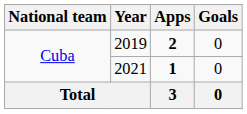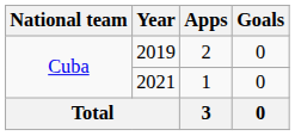 <table class="wikitable" style="text-align:center">
 <tr>
 <th>National team</th>
 <th>Year</th>
 <th>Apps</th>
 <th>Goals</th>
 </tr>
 <tr>
 <td rowspan="2"><a href='#'>Cuba</a></td>
 <td>2019</td>
-<td><strong>2</strong></td>
+<td>2</td>
 <td>0</td>
 </tr>
 <tr>
 <td>2021</td>
-<td><strong>1</strong></td>
+<td>1</td>
 <td>0</td>
 </tr>
 <tr>
 <th colspan=2>Total</th>
 <th>3</th>
 <th>0</th>
 </tr>
 </table>
